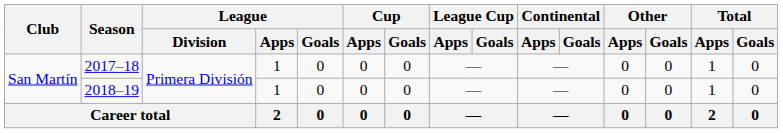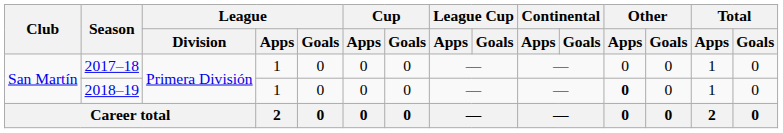 <table class="wikitable" style="text-align:center">
 <tr>
 <th rowspan="2">Club</th>
 <th rowspan="2">Season</th>
 <th colspan="3">League</th>
 <th colspan="2">Cup</th>
 <th colspan="2">League Cup</th>
 <th colspan="2">Continental</th>
 <th colspan="2">Other</th>
 <th colspan="2">Total</th>
 </tr>
 <tr>
 <th>Division</th>
 <th>Apps</th>
 <th>Goals</th>
 <th>Apps</th>
 <th>Goals</th>
 <th>Apps</th>
 <th>Goals</th>
 <th>Apps</th>
 <th>Goals</th>
 <th>Apps</th>
 <th>Goals</th>
 <th>Apps</th>
 <th>Goals</th>
 </tr>
 <tr>
 <td rowspan="2"><a href='#'>San Martín</a></td>
 <td><a href='#'>2017–18</a></td>
 <td rowspan="2"><a href='#'>Primera División</a></td>
 <td>1</td>
 <td>0</td>
 <td>0</td>
 <td>0</td>
 <td colspan="2">—</td>
 <td colspan="2">—</td>
 <td>0</td>
 <td>0</td>
 <td>1</td>
 <td>0</td>
 </tr>
 <tr>
 <td><a href='#'>2018–19</a></td>
 <td>1</td>
 <td>0</td>
 <td>0</td>
 <td>0</td>
 <td colspan="2">—</td>
 <td colspan="2">—</td>
-<td>0</td>
+<td><strong>0</strong></td>
 <td>0</td>
 <td>1</td>
 <td>0</td>
 </tr>
 <tr>
 <th colspan="3">Career total</th>
 <th>2</th>
 <th>0</th>
 <th>0</th>
 <th>0</th>
 <th colspan="2">—</th>
 <th colspan="2">—</th>
 <th>0</th>
 <th>0</th>
 <th>2</th>
 <th>0</th>
 </tr>
 </table>
